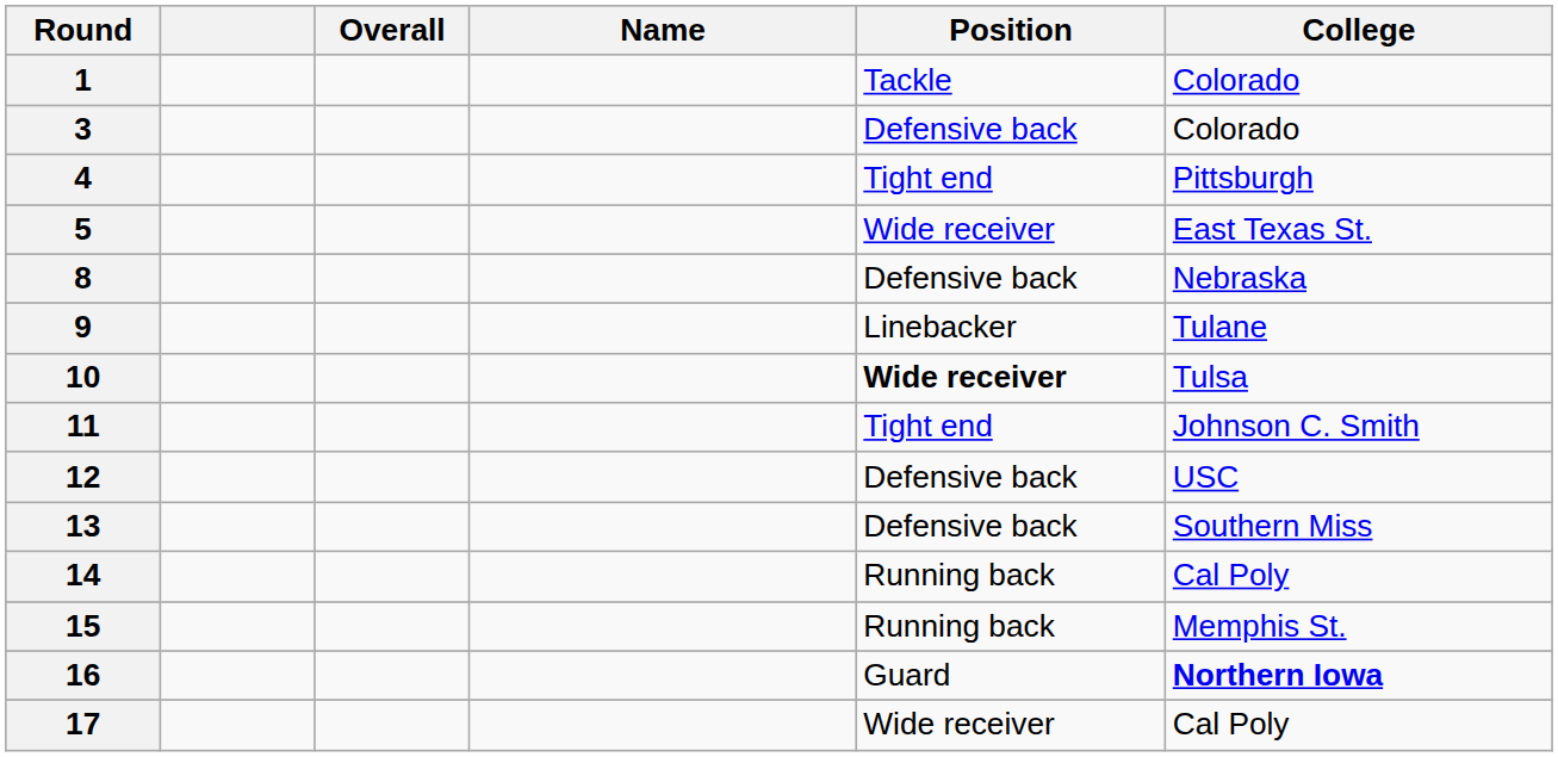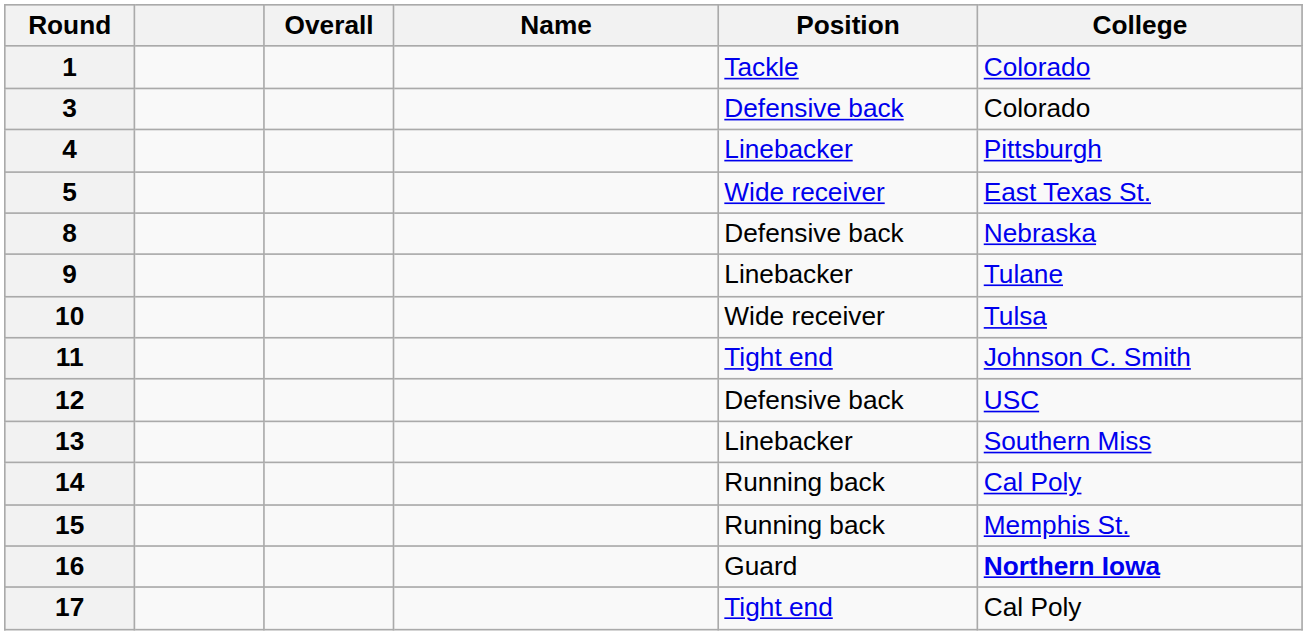 <table class="wikitable sortable" style="width: 50%;">
 <tr>
 <th scope="col" style="width: 10%;">Round</th>
 <th scope="col" style="width: 10%;"></th>
 <th scope="col" style="width: 10%;">Overall</th>
 <th scope="col" style="width: 25%;">Name</th>
 <th scope="col" style="width: 20%;">Position</th>
 <th scope="col" style="width: 25%;">College</th>
 </tr>
 <tr>
 <th scope="row">1</th>
 <td></td>
 <td></td>
 <td></td>
 <td><a href='#'>Tackle</a></td>
 <td><a href='#'>Colorado</a></td>
 </tr>
 <tr>
 <th scope="row">3</th>
 <td></td>
 <td></td>
 <td></td>
 <td><a href='#'>Defensive back</a></td>
 <td>Colorado</td>
 </tr>
 <tr>
 <th scope="row">4</th>
 <td></td>
 <td></td>
 <td></td>
-<td><a href='#'>Tight end</a></td>
+<td><a href='#'>Linebacker</a></td>
 <td><a href='#'>Pittsburgh</a></td>
 </tr>
 <tr>
 <th scope="row">5</th>
 <td></td>
 <td></td>
 <td></td>
 <td><a href='#'>Wide receiver</a></td>
 <td><a href='#'>East Texas St.</a></td>
 </tr>
 <tr>
 <th scope="row">8</th>
 <td></td>
 <td></td>
 <td></td>
 <td>Defensive back</td>
 <td><a href='#'>Nebraska</a></td>
 </tr>
 <tr>
 <th scope="row">9</th>
 <td></td>
 <td></td>
 <td></td>
 <td>Linebacker</td>
 <td><a href='#'>Tulane</a></td>
 </tr>
 <tr>
 <th scope="row">10</th>
 <td></td>
 <td></td>
 <td></td>
-<td><strong>Wide receiver</strong></td>
+<td>Wide receiver</td>
 <td><a href='#'>Tulsa</a></td>
 </tr>
 <tr>
 <th scope="row">11</th>
 <td></td>
 <td></td>
 <td></td>
 <td><a href='#'>Tight end</a></td>
 <td><a href='#'>Johnson C. Smith</a></td>
 </tr>
 <tr>
 <th scope="row">12</th>
 <td></td>
 <td></td>
 <td></td>
 <td>Defensive back</td>
 <td><a href='#'>USC</a></td>
 </tr>
 <tr>
 <th scope="row">13</th>
 <td></td>
 <td></td>
 <td></td>
-<td>Defensive back</td>
+<td>Linebacker</td>
 <td><a href='#'>Southern Miss</a></td>
 </tr>
 <tr>
 <th scope="row">14</th>
 <td></td>
 <td></td>
 <td></td>
 <td>Running back</td>
 <td><a href='#'>Cal Poly</a></td>
 </tr>
 <tr>
 <th scope="row">15</th>
 <td></td>
 <td></td>
 <td></td>
 <td>Running back</td>
 <td><a href='#'>Memphis St.</a></td>
 </tr>
 <tr>
 <th scope="row">16</th>
 <td></td>
 <td></td>
 <td></td>
 <td>Guard</td>
 <td><strong><a href='#'>Northern Iowa</a></strong></td>
 </tr>
 <tr>
 <th scope="row">17</th>
 <td></td>
 <td></td>
 <td></td>
-<td>Wide receiver</td>
+<td><a href='#'>Tight end</a></td>
 <td>Cal Poly</td>
 </tr>
 </table>
